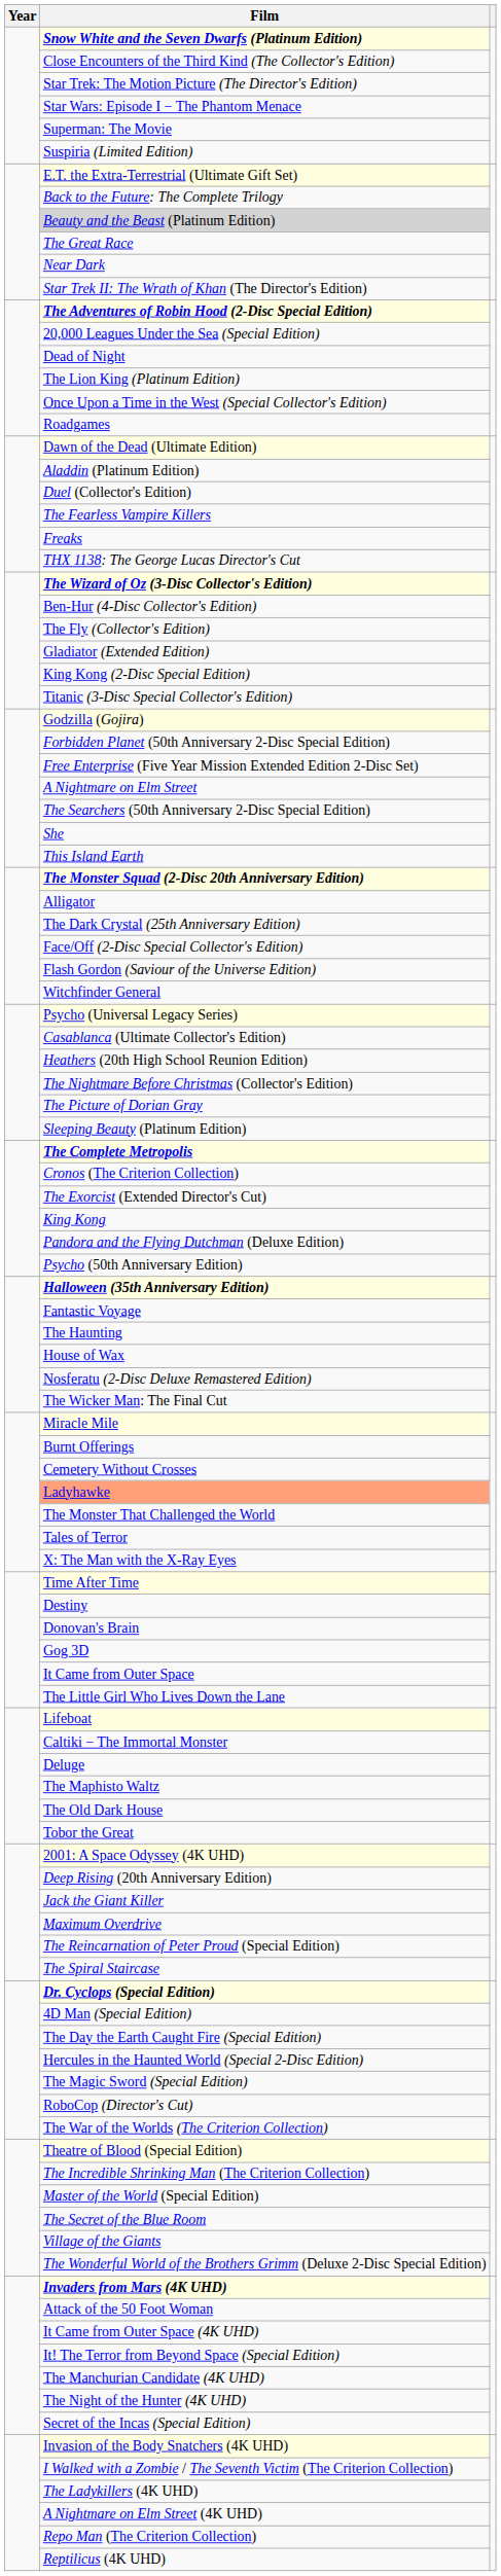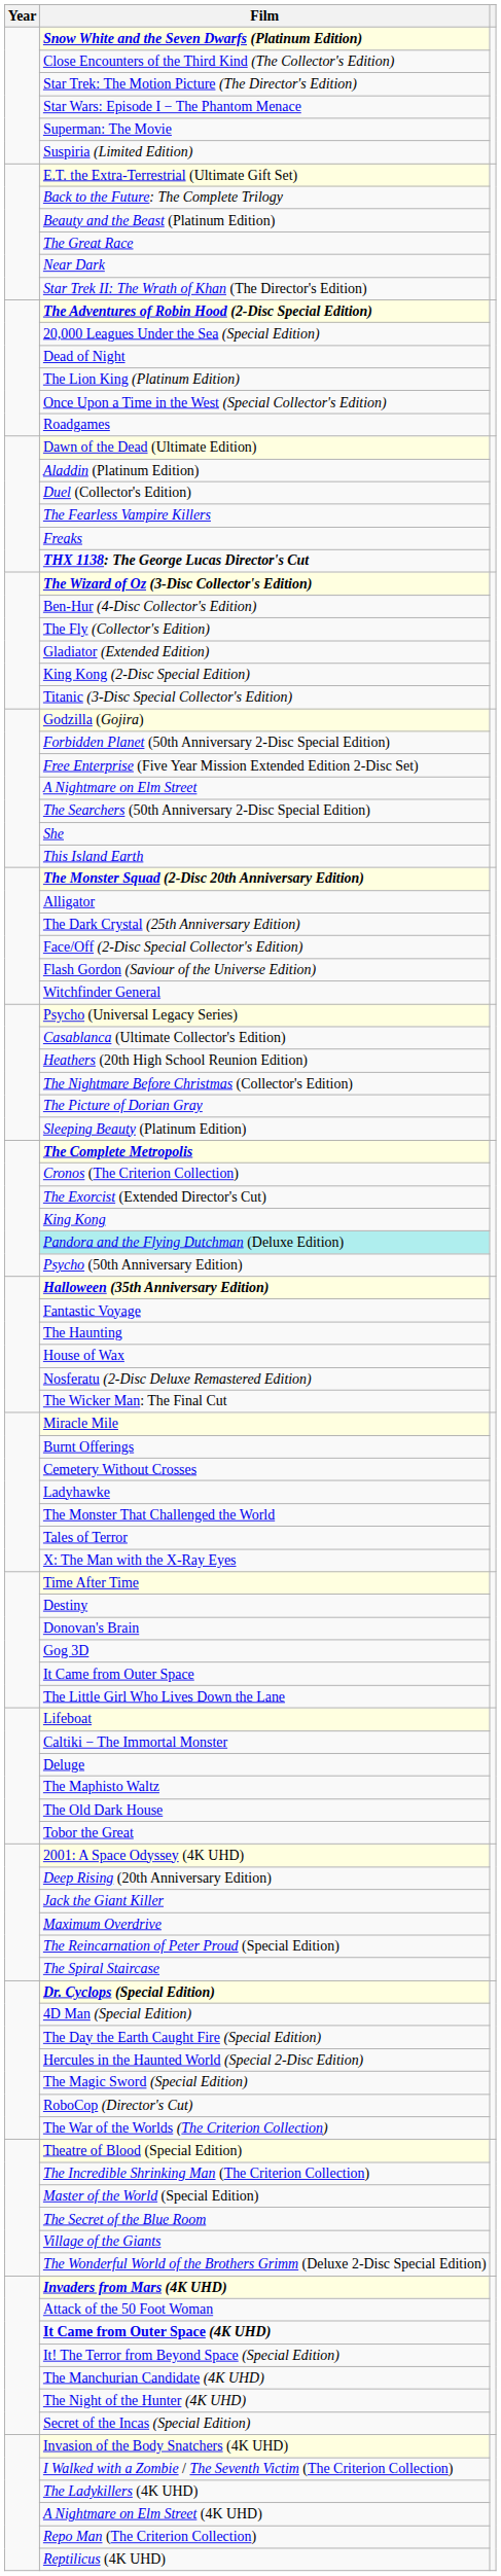 <table class="wikitable">
 <tr>
 <th>Year</th>
 <th>Film</th>
 <th></th>
 </tr>
 <tr>
 <td rowspan="6"></td>
 <td style="background:lightyellow"><strong><em><a href='#'>Snow White and the Seven Dwarfs</a><em> (Platinum Edition)<strong></td>
 <td rowspan="6"></td>
 </tr>
 <tr>
 <td></em><a href='#'>Close Encounters of the Third Kind</a><em> (The Collector's Edition)</td>
 </tr>
 <tr>
 <td></em><a href='#'>Star Trek: The Motion Picture</a><em> (The Director's Edition)</td>
 </tr>
 <tr>
 <td></em><a href='#'>Star Wars: Episode I − The Phantom Menace</a><em></td>
 </tr>
 <tr>
 <td></em><a href='#'>Superman: The Movie</a><em></td>
 </tr>
 <tr>
 <td></em><a href='#'>Suspiria</a><em> (Limited Edition)</td>
 </tr>
 <tr>
 <td rowspan="6"></td>
 <td style="background:lightyellow"></em></strong><a href='#'>E.T. the Extra-Terrestrial</a></em> (Ultimate Gift Set)</strong></td>
 <td rowspan="6"></td>
 </tr>
 <tr>
 <td><em><a href='#'>Back to the Future</a>: The Complete Trilogy</em></td>
 </tr>
 <tr>
-<td style="background: lightgrey;"><em><a href='#'>Beauty and the Beast</a></em> (Platinum Edition)</td>
+<td><em><a href='#'>Beauty and the Beast</a></em> (Platinum Edition)</td>
 </tr>
 <tr>
 <td><em><a href='#'>The Great Race</a></em></td>
 </tr>
 <tr>
 <td><em><a href='#'>Near Dark</a></em></td>
 </tr>
 <tr>
 <td><em><a href='#'>Star Trek II: The Wrath of Khan</a></em> (The Director's Edition)</td>
 </tr>
 <tr>
 <td rowspan="6"></td>
 <td style="background:lightyellow"><strong><em><a href='#'>The Adventures of Robin Hood</a><em> (2-Disc Special Edition)<strong></td>
 <td rowspan="6"></td>
 </tr>
 <tr>
 <td></em><a href='#'>20,000 Leagues Under the Sea</a><em> (Special Edition)</td>
 </tr>
 <tr>
 <td></em><a href='#'>Dead of Night</a><em></td>
 </tr>
 <tr>
 <td></em><a href='#'>The Lion King</a><em> (Platinum Edition)</td>
 </tr>
 <tr>
 <td></em><a href='#'>Once Upon a Time in the West</a><em> (Special Collector's Edition)</td>
 </tr>
 <tr>
 <td></em><a href='#'>Roadgames</a><em></td>
 </tr>
 <tr>
 <td rowspan="6"></td>
 <td style="background:lightyellow"></em></strong><a href='#'>Dawn of the Dead</a></em> (Ultimate Edition)</strong></td>
 <td rowspan="6"></td>
 </tr>
 <tr>
 <td><em><a href='#'>Aladdin</a></em> (Platinum Edition)</td>
 </tr>
 <tr>
 <td><em><a href='#'>Duel</a></em> (Collector's Edition)</td>
 </tr>
 <tr>
 <td><em><a href='#'>The Fearless Vampire Killers</a></em></td>
 </tr>
 <tr>
 <td><em><a href='#'>Freaks</a></em></td>
 </tr>
 <tr>
-<td><em><a href='#'>THX 1138</a>: The George Lucas Director's Cut</em></td>
+<td><strong><em><a href='#'>THX 1138</a>: The George Lucas Director's Cut</em></strong></td>
 </tr>
 <tr>
 <td rowspan="6"></td>
 <td style="background:lightyellow"><strong><em><a href='#'>The Wizard of Oz</a><em> (3-Disc Collector's Edition)<strong></td>
 <td rowspan="6"></td>
 </tr>
 <tr>
 <td></em><a href='#'>Ben-Hur</a><em> (4-Disc Collector's Edition)</td>
 </tr>
 <tr>
 <td></em><a href='#'>The Fly</a><em> (Collector's Edition)</td>
 </tr>
 <tr>
 <td></em><a href='#'>Gladiator</a><em> (Extended Edition)</td>
 </tr>
 <tr>
 <td></em><a href='#'>King Kong</a><em> (2-Disc Special Edition)</td>
 </tr>
 <tr>
 <td></em><a href='#'>Titanic</a><em> (3-Disc Special Collector's Edition)</td>
 </tr>
 <tr>
 <td rowspan="7"></td>
 <td style="background:lightyellow"></em></strong><a href='#'>Godzilla</a></em> (<em>Gojira</em>)</strong></td>
 <td rowspan="7"></td>
 </tr>
 <tr>
 <td><em><a href='#'>Forbidden Planet</a></em> (50th Anniversary 2-Disc Special Edition)</td>
 </tr>
 <tr>
 <td><em><a href='#'>Free Enterprise</a></em> (Five Year Mission Extended Edition 2-Disc Set)</td>
 </tr>
 <tr>
 <td><em><a href='#'>A Nightmare on Elm Street</a></em></td>
 </tr>
 <tr>
 <td><em><a href='#'>The Searchers</a></em> (50th Anniversary 2-Disc Special Edition)</td>
 </tr>
 <tr>
 <td><em><a href='#'>She</a></em></td>
 </tr>
 <tr>
 <td><em><a href='#'>This Island Earth</a></em></td>
 </tr>
 <tr>
 <td rowspan="6"></td>
 <td style="background:lightyellow"><strong><em><a href='#'>The Monster Squad</a><em> (2-Disc 20th Anniversary Edition)<strong></td>
 <td rowspan="6"></td>
 </tr>
 <tr>
 <td></em><a href='#'>Alligator</a><em></td>
 </tr>
 <tr>
 <td></em><a href='#'>The Dark Crystal</a><em> (25th Anniversary Edition)</td>
 </tr>
 <tr>
 <td></em><a href='#'>Face/Off</a><em> (2-Disc Special Collector's Edition)</td>
 </tr>
 <tr>
 <td></em><a href='#'>Flash Gordon</a><em> (Saviour of the Universe Edition)</td>
 </tr>
 <tr>
 <td></em><a href='#'>Witchfinder General</a><em></td>
 </tr>
 <tr>
 <td rowspan="6"></td>
 <td style="background:lightyellow"></em></strong><a href='#'>Psycho</a></em> (Universal Legacy Series)</strong></td>
 <td rowspan="6"></td>
 </tr>
 <tr>
 <td><em><a href='#'>Casablanca</a></em> (Ultimate Collector's Edition)</td>
 </tr>
 <tr>
 <td><em><a href='#'>Heathers</a></em> (20th High School Reunion Edition)</td>
 </tr>
 <tr>
 <td><em><a href='#'>The Nightmare Before Christmas</a></em> (Collector's Edition)</td>
 </tr>
 <tr>
 <td><em><a href='#'>The Picture of Dorian Gray</a></em></td>
 </tr>
 <tr>
 <td><em><a href='#'>Sleeping Beauty</a></em> (Platinum Edition)</td>
 </tr>
 <tr>
 <td rowspan="6"></td>
 <td style="background:lightyellow"><em><a href='#'><strong>The Complete Metropolis</strong></a></em></td>
 <td rowspan="6"></td>
 </tr>
 <tr>
 <td><em><a href='#'>Cronos</a></em> (<a href='#'>The Criterion Collection</a>)</td>
 </tr>
 <tr>
 <td><em><a href='#'>The Exorcist</a></em> (Extended Director's Cut)</td>
 </tr>
 <tr>
 <td><em><a href='#'>King Kong</a></em></td>
 </tr>
 <tr>
-<td><em><a href='#'>Pandora and the Flying Dutchman</a></em> (Deluxe Edition)</td>
+<td style="background: paleturquoise;"><em><a href='#'>Pandora and the Flying Dutchman</a></em> (Deluxe Edition)</td>
 </tr>
 <tr>
 <td><em><a href='#'>Psycho</a></em> (50th Anniversary Edition)</td>
 </tr>
 <tr>
 <td rowspan="6"></td>
 <td style="background:lightyellow"><strong><em><a href='#'>Halloween</a><em> (35th Anniversary Edition)<strong></td>
 <td rowspan="6"></td>
 </tr>
 <tr>
 <td></em><a href='#'>Fantastic Voyage</a><em></td>
 </tr>
 <tr>
 <td></em><a href='#'>The Haunting</a><em></td>
 </tr>
 <tr>
 <td></em><a href='#'>House of Wax</a><em></td>
 </tr>
 <tr>
 <td></em><a href='#'>Nosferatu</a><em> (2-Disc Deluxe Remastered Edition)</td>
 </tr>
 <tr>
 <td></em><a href='#'>The Wicker Man</a>: The Final Cut<em></td>
 </tr>
 <tr>
 <td rowspan="7"></td>
 <td style="background:lightyellow"></em><a href='#'></strong>Miracle Mile<strong></a><em></td>
 <td rowspan="7"></td>
 </tr>
 <tr>
 <td></em><a href='#'>Burnt Offerings</a><em></td>
 </tr>
 <tr>
 <td></em><a href='#'>Cemetery Without Crosses</a><em></td>
 </tr>
 <tr>
-<td style="background: lightsalmon;"></em><a href='#'>Ladyhawke</a><em></td>
+<td></em><a href='#'>Ladyhawke</a><em></td>
 </tr>
 <tr>
 <td></em><a href='#'>The Monster That Challenged the World</a><em></td>
 </tr>
 <tr>
 <td></em><a href='#'>Tales of Terror</a><em></td>
 </tr>
 <tr>
 <td></em><a href='#'>X: The Man with the X-Ray Eyes</a><em></td>
 </tr>
 <tr>
 <td rowspan="6"></td>
 <td style="background:lightyellow"></em><a href='#'></strong>Time After Time<strong></a><em></td>
 <td rowspan="6"></td>
 </tr>
 <tr>
 <td></em><a href='#'>Destiny</a><em></td>
 </tr>
 <tr>
 <td></em><a href='#'>Donovan's Brain</a><em></td>
 </tr>
 <tr>
 <td></em><a href='#'>Gog 3D</a><em></td>
 </tr>
 <tr>
 <td></em><a href='#'>It Came from Outer Space</a><em></td>
 </tr>
 <tr>
 <td></em><a href='#'>The Little Girl Who Lives Down the Lane</a><em></td>
 </tr>
 <tr>
 <td rowspan="6"></td>
 <td style="background:lightyellow"></em><a href='#'></strong>Lifeboat<strong></a><em></td>
 <td rowspan="6"></td>
 </tr>
 <tr>
 <td></em><a href='#'>Caltiki − The Immortal Monster</a><em></td>
 </tr>
 <tr>
 <td></em><a href='#'>Deluge</a><em></td>
 </tr>
 <tr>
 <td></em><a href='#'>The Maphisto Waltz</a><em></td>
 </tr>
 <tr>
 <td></em><a href='#'>The Old Dark House</a><em></td>
 </tr>
 <tr>
 <td></em><a href='#'>Tobor the Great</a><em></td>
 </tr>
 <tr>
 <td rowspan="6"></td>
 <td style="background:lightyellow"></em></strong><a href='#'>2001: A Space Odyssey</a></em> (4K UHD)</strong></td>
 <td rowspan="6"></td>
 </tr>
 <tr>
 <td><em><a href='#'>Deep Rising</a></em> (20th Anniversary Edition)</td>
 </tr>
 <tr>
 <td><em><a href='#'>Jack the Giant Killer</a></em></td>
 </tr>
 <tr>
 <td><em><a href='#'>Maximum Overdrive</a></em></td>
 </tr>
 <tr>
 <td><em><a href='#'>The Reincarnation of Peter Proud</a></em> (Special Edition)</td>
 </tr>
 <tr>
 <td><em><a href='#'>The Spiral Staircase</a></em></td>
 </tr>
 <tr>
 <td rowspan="7"></td>
 <td style="background:lightyellow"><strong><em><a href='#'>Dr. Cyclops</a><em> (Special Edition)<strong></td>
 <td rowspan="7"></td>
 </tr>
 <tr>
 <td></em><a href='#'>4D Man</a><em> (Special Edition)</td>
 </tr>
 <tr>
 <td></em><a href='#'>The Day the Earth Caught Fire</a><em> (Special Edition)</td>
 </tr>
 <tr>
 <td></em><a href='#'>Hercules in the Haunted World</a><em> (Special 2-Disc Edition)</td>
 </tr>
 <tr>
 <td></em><a href='#'>The Magic Sword</a><em> (Special Edition)</td>
 </tr>
 <tr>
 <td></em><a href='#'>RoboCop</a><em> (Director's Cut)</td>
 </tr>
 <tr>
 <td></em><a href='#'>The War of the Worlds</a><em> (<a href='#'>The Criterion Collection</a>)</td>
 </tr>
 <tr>
 <td rowspan="6"></td>
 <td style="background:lightyellow"></em></strong><a href='#'>Theatre of Blood</a></em> (Special Edition)</strong></td>
 <td rowspan="6"></td>
 </tr>
 <tr>
 <td><em><a href='#'>The Incredible Shrinking Man</a></em> (<a href='#'>The Criterion Collection</a>)</td>
 </tr>
 <tr>
 <td><em><a href='#'>Master of the World</a></em> (Special Edition)</td>
 </tr>
 <tr>
 <td><em><a href='#'>The Secret of the Blue Room</a></em></td>
 </tr>
 <tr>
 <td><em><a href='#'>Village of the Giants</a></em></td>
 </tr>
 <tr>
 <td><em><a href='#'>The Wonderful World of the Brothers Grimm</a></em> (Deluxe 2-Disc Special Edition)</td>
 </tr>
 <tr>
 <td rowspan="7"></td>
 <td style="background:lightyellow"><strong><em><a href='#'>Invaders from Mars</a><em> (4K UHD)<strong></td>
 <td rowspan="7"></td>
 </tr>
 <tr>
 <td></em><a href='#'>Attack of the 50 Foot Woman</a><em></td>
 </tr>
 <tr>
-<td></em><a href='#'>It Came from Outer Space</a><em> (4K UHD)</td>
+<td><strong></em><a href='#'>It Came from Outer Space</a><em> (4K UHD)</strong></td>
 </tr>
 <tr>
 <td></em><a href='#'>It! The Terror from Beyond Space</a><em> (Special Edition)</td>
 </tr>
 <tr>
 <td></em><a href='#'>The Manchurian Candidate</a><em> (4K UHD)</td>
 </tr>
 <tr>
 <td></em><a href='#'>The Night of the Hunter</a><em> (4K UHD)</td>
 </tr>
 <tr>
 <td></em><a href='#'>Secret of the Incas</a><em> (Special Edition)</td>
 </tr>
 <tr>
 <td rowspan="6"></td>
 <td style="background:lightyellow"></em></strong><a href='#'>Invasion of the Body Snatchers</a></em> (4K UHD)</strong></td>
 <td rowspan="6"></td>
 </tr>
 <tr>
 <td><em><a href='#'>I Walked with a Zombie</a></em> / <em><a href='#'>The Seventh Victim</a></em> (<a href='#'>The Criterion Collection</a>)</td>
 </tr>
 <tr>
 <td><em><a href='#'>The Ladykillers</a></em> (4K UHD)</td>
 </tr>
 <tr>
 <td><em><a href='#'>A Nightmare on Elm Street</a></em> (4K UHD)</td>
 </tr>
 <tr>
 <td><em><a href='#'>Repo Man</a></em> (<a href='#'>The Criterion Collection</a>)</td>
 </tr>
 <tr>
 <td><em><a href='#'>Reptilicus</a></em> (4K UHD)</td>
 </tr>
 </table>
